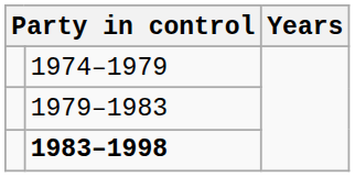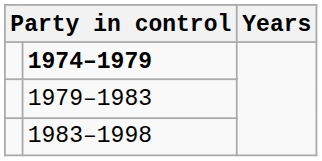 <table class="wikitable">
 <tr>
 <th colspan="2">Party in control</th>
 <th>Years</th>
 </tr>
 <tr>
 <td></td>
-<td>1974–1979</td>
+<td><strong>1974–1979</strong></td>
 </tr>
 <tr>
 <td></td>
 <td>1979–1983</td>
 </tr>
 <tr>
 <td></td>
-<td><strong>1983–1998</strong></td>
+<td>1983–1998</td>
 </tr>
 </table>
